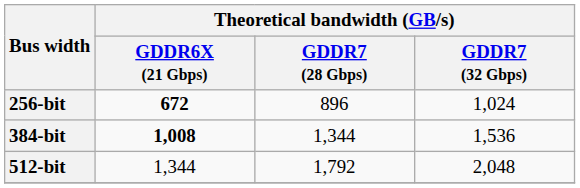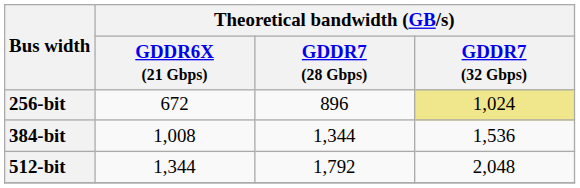 <table class="wikitable plainrowheaders" style="text-align:center; font-size:90%; padding:5px; white-space:nowrap;">
 <tr>
 <th rowspan="2">Bus width</th>
 <th colspan="3">Theoretical bandwidth (<a href='#'>GB</a>/s)</th>
 </tr>
 <tr>
 <th style="width:8em"><a href='#'>GDDR6X</a> <br><small>(21 Gbps)</small></th>
 <th style="width:8em"><a href='#'>GDDR7</a> <br><small>(28 Gbps)</small></th>
 <th style="width:8em"><a href='#'>GDDR7</a> <br><small>(32 Gbps)</small></th>
 </tr>
 <tr>
 <th scope="row" style="text-align:left">256-bit</th>
-<td><strong>672</strong></td>
+<td>672</td>
 <td>896</td>
-<td>1,024</td>
+<td style="background: khaki;">1,024</td>
 </tr>
 <tr>
 <th scope="row" style="text-align:left">384-bit</th>
-<td><strong>1,008</strong></td>
+<td>1,008</td>
 <td>1,344</td>
 <td>1,536</td>
 </tr>
 <tr>
 <th scope="row" style="text-align:left">512-bit</th>
 <td>1,344</td>
 <td>1,792</td>
 <td>2,048</td>
 </tr>
 <tr>
 </tr>
 </table>
